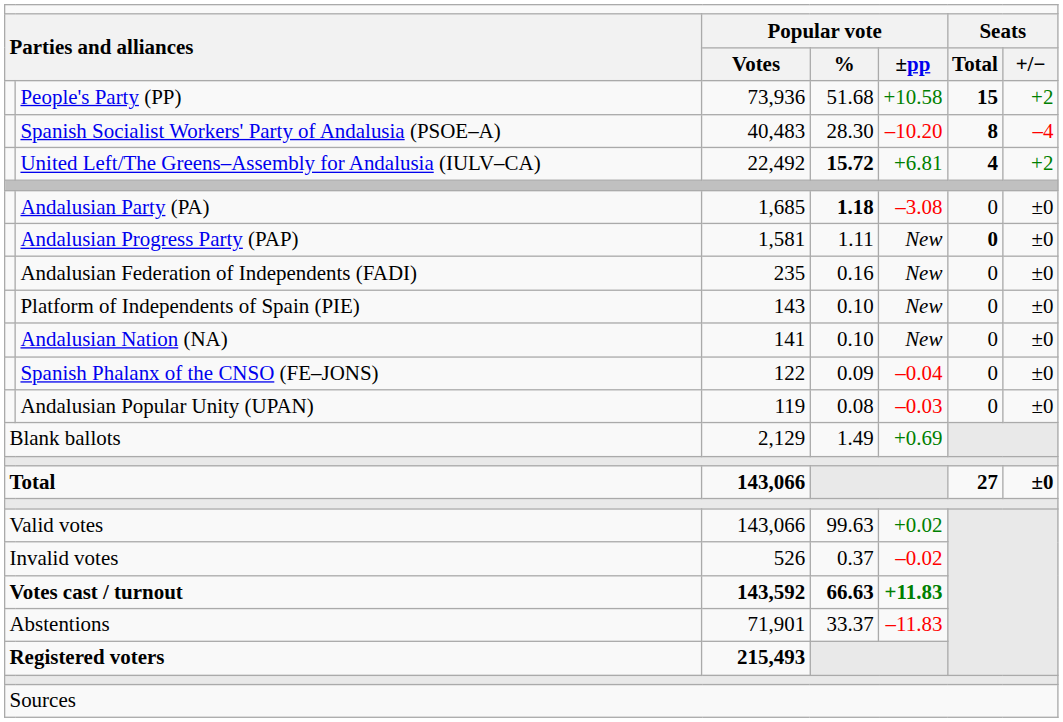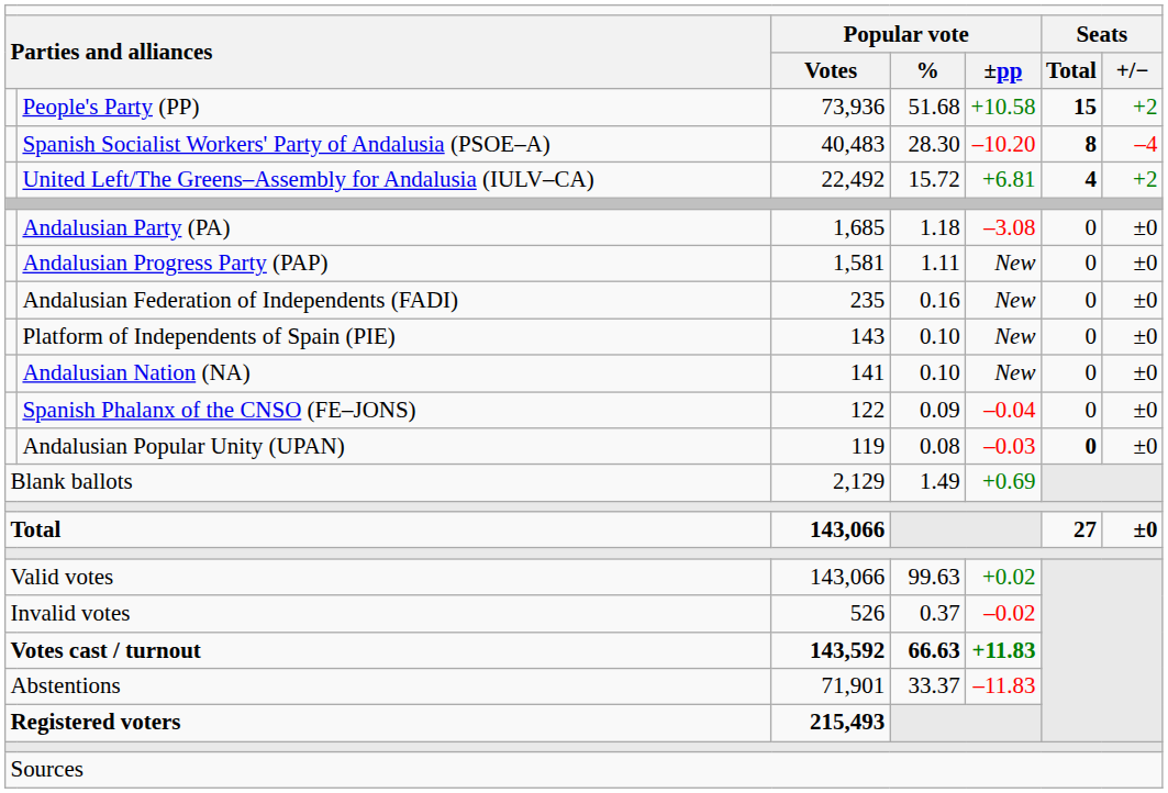 <table class="wikitable" style="text-align:right;">
 <tr>
 <td colspan="7"></td>
 </tr>
 <tr>
 <th style="text-align:left;" rowspan="2" colspan="2" width="525">Parties and alliances</th>
 <th colspan="3">Popular vote</th>
 <th colspan="2">Seats</th>
 </tr>
 <tr>
 <th width="75">Votes</th>
 <th width="45">%</th>
 <th width="45">±<a href='#'>pp</a></th>
 <th width="35">Total</th>
 <th width="35">+/−</th>
 </tr>
 <tr>
 <td width="1" style="color:inherit;background:"></td>
 <td align="left"><a href='#'>People's Party</a> (PP)</td>
 <td>73,936</td>
 <td>51.68</td>
 <td style="color:green;">+10.58</td>
 <td><strong>15</strong></td>
 <td style="color:green;">+2</td>
 </tr>
 <tr>
 <td style="color:inherit;background:"></td>
 <td align="left"><a href='#'>Spanish Socialist Workers' Party of Andalusia</a> (PSOE–A)</td>
 <td>40,483</td>
 <td>28.30</td>
 <td style="color:red;">–10.20</td>
 <td><strong>8</strong></td>
 <td style="color:red;">–4</td>
 </tr>
 <tr>
 <td style="color:inherit;background:"></td>
 <td align="left"><a href='#'>United Left/The Greens–Assembly for Andalusia</a> (IULV–CA)</td>
 <td>22,492</td>
-<td><strong>15.72</strong></td>
+<td>15.72</td>
 <td style="color:green;">+6.81</td>
 <td><strong>4</strong></td>
 <td style="color:green;">+2</td>
 </tr>
 <tr>
 <td colspan="7" bgcolor="#C0C0C0"></td>
 </tr>
 <tr>
 <td style="color:inherit;background:"></td>
 <td align="left"><a href='#'>Andalusian Party</a> (PA)</td>
 <td>1,685</td>
-<td><strong>1.18</strong></td>
+<td>1.18</td>
 <td style="color:red;">–3.08</td>
 <td>0</td>
 <td>±0</td>
 </tr>
 <tr>
 <td style="color:inherit;background:"></td>
 <td align="left"><a href='#'>Andalusian Progress Party</a> (PAP)</td>
 <td>1,581</td>
 <td>1.11</td>
 <td><em>New</em></td>
-<td><strong>0</strong></td>
+<td>0</td>
 <td>±0</td>
 </tr>
 <tr>
 <td style="color:inherit;background:"></td>
 <td align="left">Andalusian Federation of Independents (FADI)</td>
 <td>235</td>
 <td>0.16</td>
 <td><em>New</em></td>
 <td>0</td>
 <td>±0</td>
 </tr>
 <tr>
 <td style="color:inherit;background:"></td>
 <td align="left">Platform of Independents of Spain (PIE)</td>
 <td>143</td>
 <td>0.10</td>
 <td><em>New</em></td>
 <td>0</td>
 <td>±0</td>
 </tr>
 <tr>
 <td style="color:inherit;background:"></td>
 <td align="left"><a href='#'>Andalusian Nation</a> (NA)</td>
 <td>141</td>
 <td>0.10</td>
 <td><em>New</em></td>
 <td>0</td>
 <td>±0</td>
 </tr>
 <tr>
 <td style="color:inherit;background:"></td>
 <td align="left"><a href='#'>Spanish Phalanx of the CNSO</a> (FE–JONS)</td>
 <td>122</td>
 <td>0.09</td>
 <td style="color:red;">–0.04</td>
 <td>0</td>
 <td>±0</td>
 </tr>
 <tr>
 <td style="color:inherit;background:"></td>
 <td align="left">Andalusian Popular Unity (UPAN)</td>
 <td>119</td>
 <td>0.08</td>
 <td style="color:red;">–0.03</td>
-<td>0</td>
+<td><strong>0</strong></td>
 <td>±0</td>
 </tr>
 <tr>
 <td align="left" colspan="2">Blank ballots</td>
 <td>2,129</td>
 <td>1.49</td>
 <td style="color:green;">+0.69</td>
 <td bgcolor="#E9E9E9" colspan="2"></td>
 </tr>
 <tr>
 <td colspan="7" bgcolor="#E9E9E9"></td>
 </tr>
 <tr style="font-weight:bold;">
 <td align="left" colspan="2">Total</td>
 <td>143,066</td>
 <td bgcolor="#E9E9E9" colspan="2"></td>
 <td>27</td>
 <td>±0</td>
 </tr>
 <tr>
 <td colspan="7" bgcolor="#E9E9E9"></td>
 </tr>
 <tr>
 <td align="left" colspan="2">Valid votes</td>
 <td>143,066</td>
 <td>99.63</td>
 <td style="color:green;">+0.02</td>
 <td bgcolor="#E9E9E9" colspan="2" rowspan="5"></td>
 </tr>
 <tr>
 <td align="left" colspan="2">Invalid votes</td>
 <td>526</td>
 <td>0.37</td>
 <td style="color:red;">–0.02</td>
 </tr>
 <tr style="font-weight:bold;">
 <td align="left" colspan="2">Votes cast / turnout</td>
 <td>143,592</td>
 <td>66.63</td>
 <td style="color:green;">+11.83</td>
 </tr>
 <tr>
 <td align="left" colspan="2">Abstentions</td>
 <td>71,901</td>
 <td>33.37</td>
 <td style="color:red;">–11.83</td>
 </tr>
 <tr style="font-weight:bold;">
 <td align="left" colspan="2">Registered voters</td>
 <td>215,493</td>
 <td bgcolor="#E9E9E9" colspan="2"></td>
 </tr>
 <tr>
 <td colspan="7" bgcolor="#E9E9E9"></td>
 </tr>
 <tr>
 <td align="left" colspan="7">Sources</td>
 </tr>
 </table>
